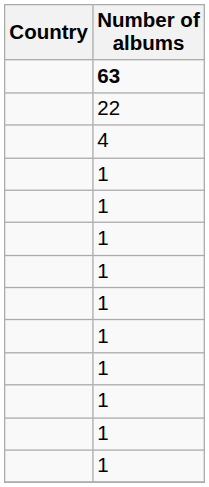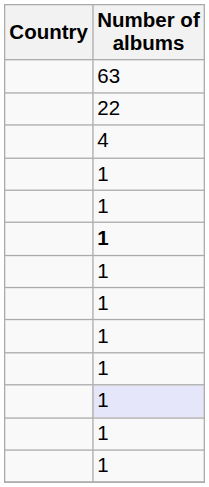 <table class="wikitable sortable">
 <tr>
 <th>Country</th>
 <th>Number of <br> albums</th>
 </tr>
 <tr>
 <td></td>
-<td><strong>63</strong></td>
+<td>63</td>
 </tr>
 <tr>
 <td></td>
 <td>22</td>
 </tr>
 <tr>
 <td></td>
 <td>4</td>
 </tr>
 <tr>
 <td></td>
 <td>1</td>
 </tr>
 <tr>
 <td></td>
 <td>1</td>
 </tr>
 <tr>
 <td></td>
-<td>1</td>
+<td><strong>1</strong></td>
 </tr>
 <tr>
 <td></td>
 <td>1</td>
 </tr>
 <tr>
 <td></td>
 <td>1</td>
 </tr>
 <tr>
 <td></td>
 <td>1</td>
 </tr>
 <tr>
 <td></td>
 <td>1</td>
 </tr>
 <tr>
 <td></td>
-<td>1</td>
+<td style="background: lavender;">1</td>
 </tr>
 <tr>
 <td></td>
 <td>1</td>
 </tr>
 <tr>
 <td></td>
 <td>1</td>
 </tr>
 <tr>
 </tr>
 </table>
